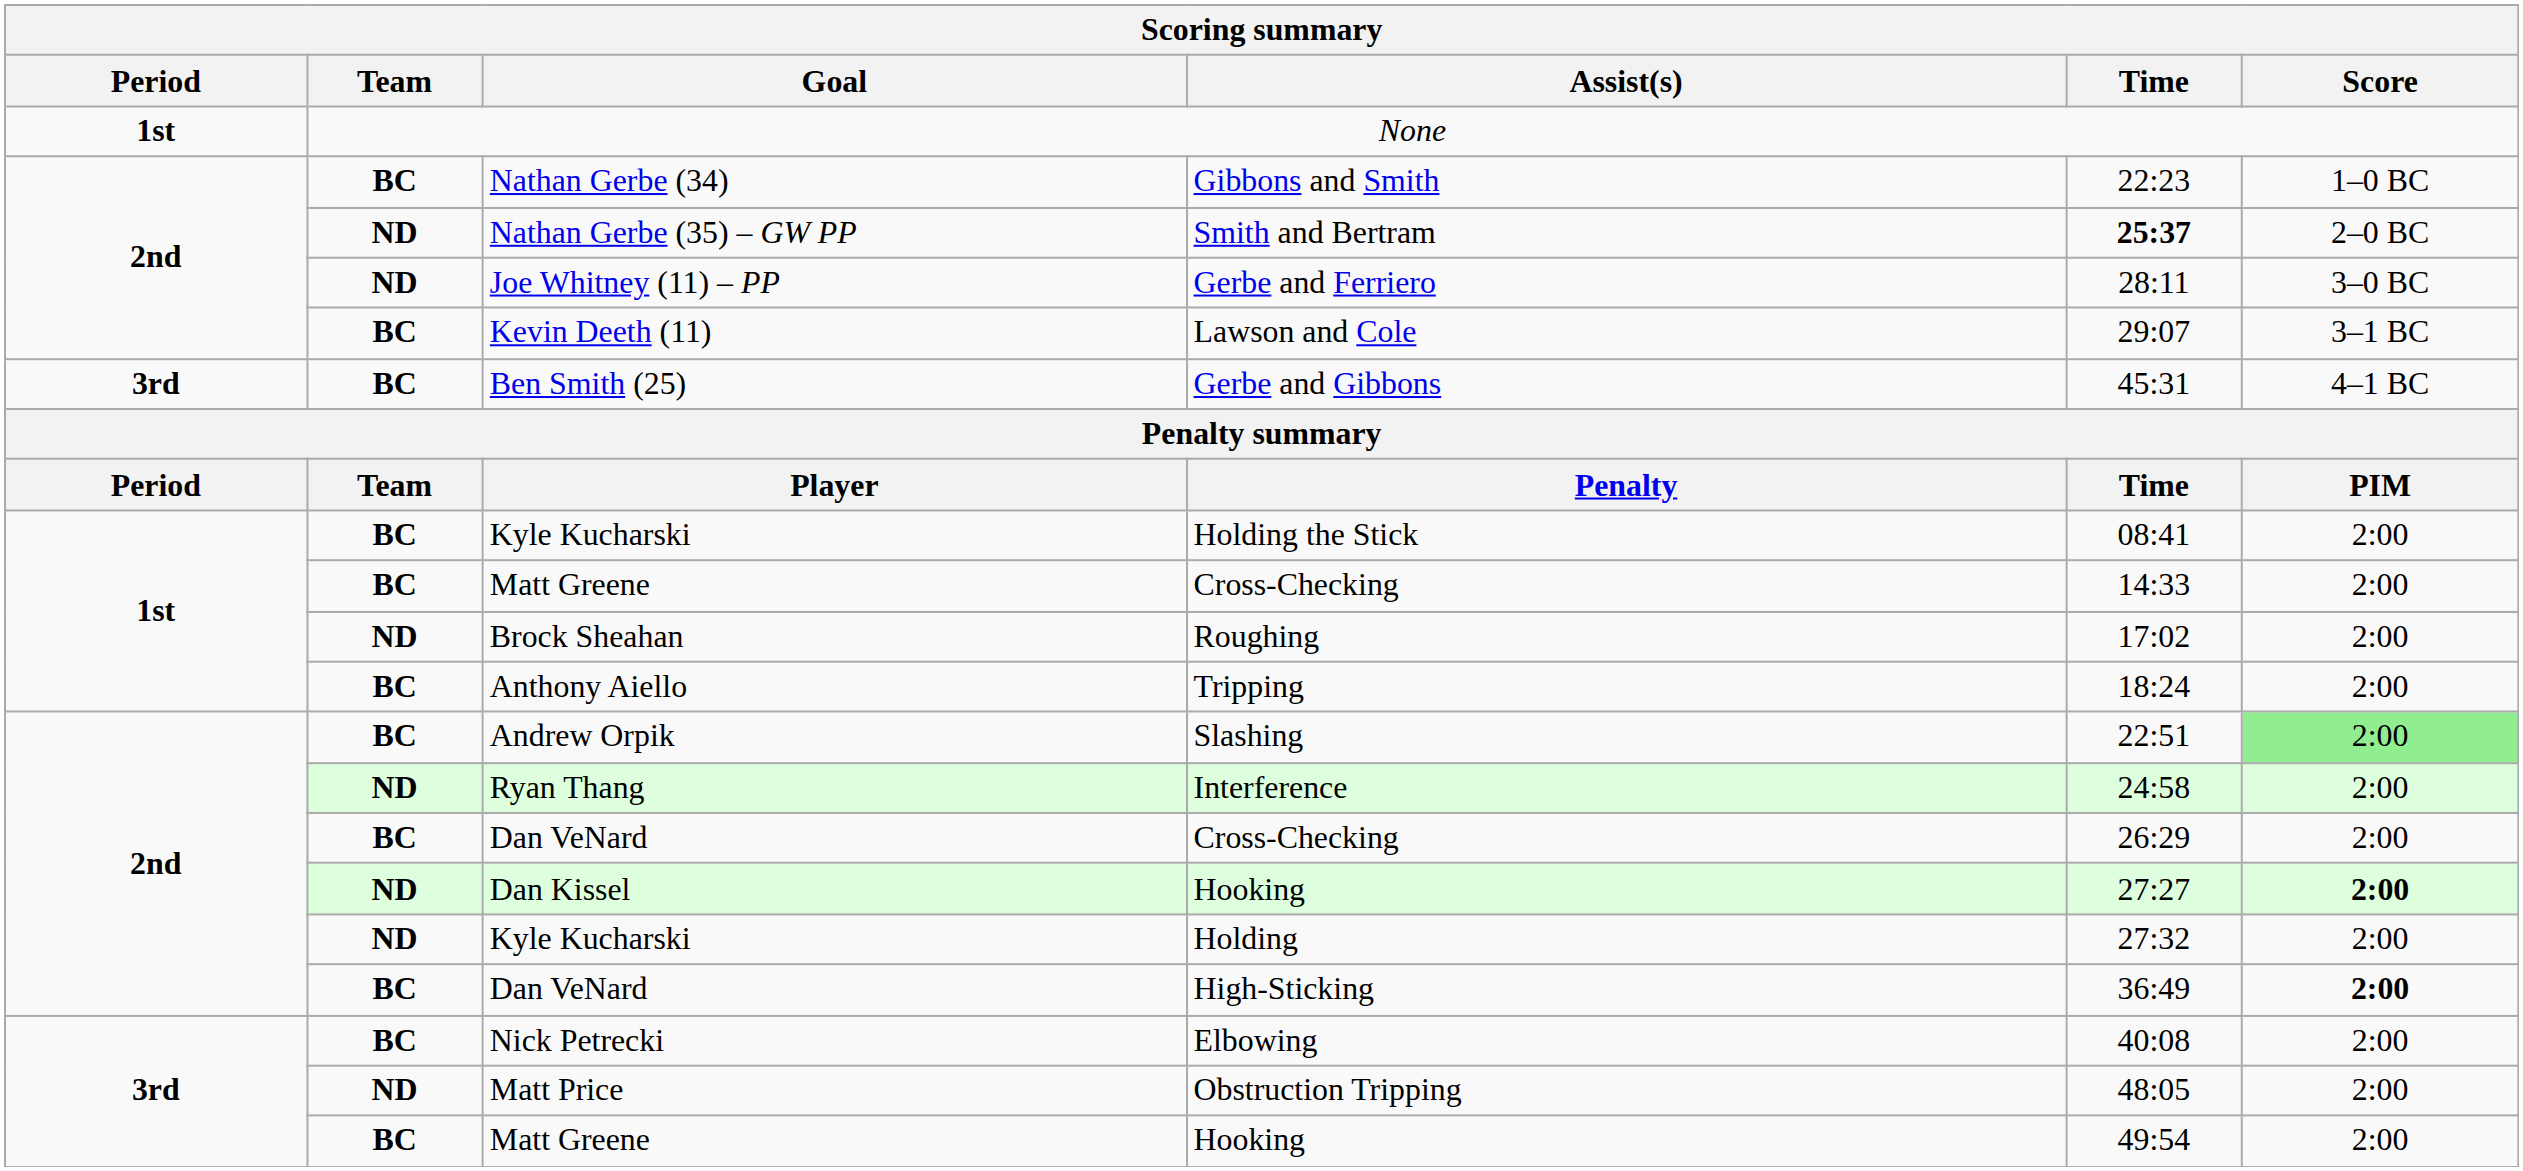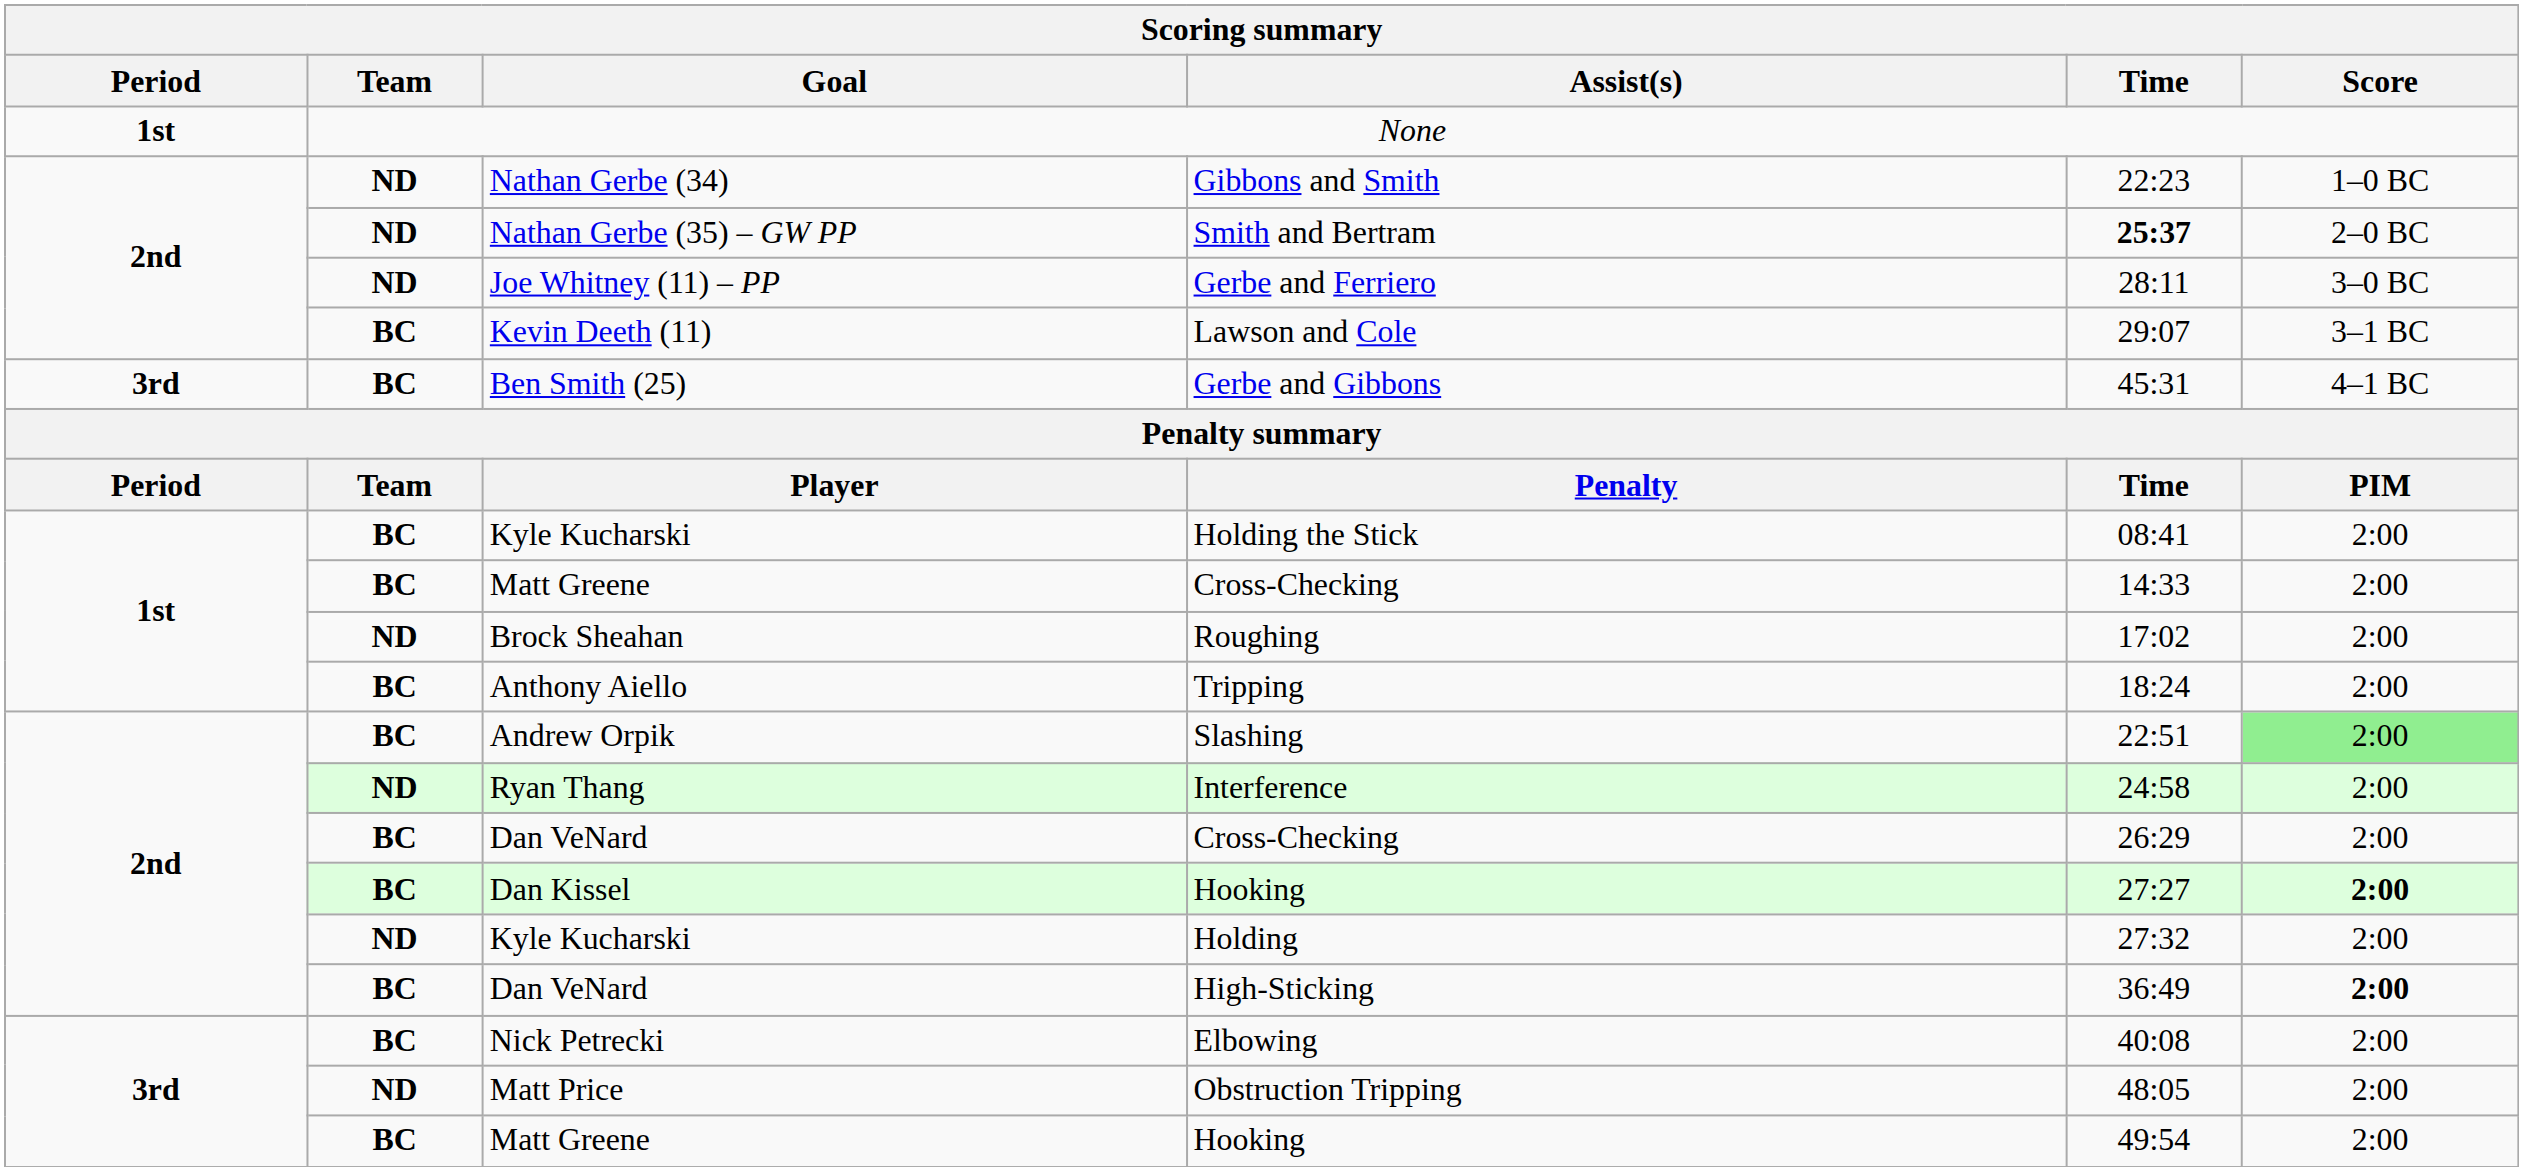 <table style="width:100%;" class="wikitable">
 <tr>
 <th colspan=6>Scoring summary</th>
 </tr>
 <tr>
 <th style="width:12%;">Period</th>
 <th style="width:7%;">Team</th>
 <th style="width:28%;">Goal</th>
 <th style="width:35%;">Assist(s)</th>
 <th style="width:7%;">Time</th>
 <th style="width:11%;">Score</th>
 </tr>
 <tr>
 <td style="text-align:center;" rowspan="1"><strong>1st</strong></td>
 <td style="text-align:center;" colspan="5"><em>None</em></td>
 </tr>
 <tr>
 <td style="text-align:center;" rowspan="4"><strong>2nd</strong></td>
-<td align=center><strong>BC</strong></td>
+<td align=center><strong>ND</strong></td>
 <td><a href='#'>Nathan Gerbe</a> (34)</td>
 <td><a href='#'>Gibbons</a> and <a href='#'>Smith</a></td>
 <td align=center>22:23</td>
 <td align=center>1–0 BC</td>
 </tr>
 <tr>
 <td align=center><strong>ND</strong></td>
 <td><a href='#'>Nathan Gerbe</a> (35) – <em>GW PP</em></td>
 <td><a href='#'>Smith</a> and Bertram</td>
 <td align=center><strong>25:37</strong></td>
 <td align=center>2–0 BC</td>
 </tr>
 <tr>
 <td align=center><strong>ND</strong></td>
 <td><a href='#'>Joe Whitney</a> (11) – <em>PP</em></td>
 <td><a href='#'>Gerbe</a> and <a href='#'>Ferriero</a></td>
 <td align=center>28:11</td>
 <td align=center>3–0 BC</td>
 </tr>
 <tr>
 <td align=center><strong>BC</strong></td>
 <td><a href='#'>Kevin Deeth</a> (11)</td>
 <td>Lawson and <a href='#'>Cole</a></td>
 <td align=center>29:07</td>
 <td align=center>3–1 BC</td>
 </tr>
 <tr>
 <td style="text-align:center;" rowspan="1"><strong>3rd</strong></td>
 <td align=center><strong>BC</strong></td>
 <td><a href='#'>Ben Smith</a> (25)</td>
 <td><a href='#'>Gerbe</a> and <a href='#'>Gibbons</a></td>
 <td align=center>45:31</td>
 <td align=center>4–1 BC</td>
 </tr>
 <tr>
 <th colspan=6>Penalty summary</th>
 </tr>
 <tr>
 <th style="width:12%;">Period</th>
 <th style="width:7%;">Team</th>
 <th style="width:28%;">Player</th>
 <th style="width:35%;"><a href='#'>Penalty</a></th>
 <th style="width:7%;">Time</th>
 <th style="width:11%;">PIM</th>
 </tr>
 <tr>
 <td style="text-align:center;" rowspan="4"><strong>1st</strong></td>
 <td align=center><strong>BC</strong></td>
 <td>Kyle Kucharski</td>
 <td>Holding the Stick</td>
 <td align=center>08:41</td>
 <td align=center>2:00</td>
 </tr>
 <tr>
 <td align=center><strong>BC</strong></td>
 <td>Matt Greene</td>
 <td>Cross-Checking</td>
 <td align=center>14:33</td>
 <td align=center>2:00</td>
 </tr>
 <tr>
 <td align=center><strong>ND</strong></td>
 <td>Brock Sheahan</td>
 <td>Roughing</td>
 <td align=center>17:02</td>
 <td align=center>2:00</td>
 </tr>
 <tr>
 <td align=center><strong>BC</strong></td>
 <td>Anthony Aiello</td>
 <td>Tripping</td>
 <td align=center>18:24</td>
 <td align=center>2:00</td>
 </tr>
 <tr>
 <td style="text-align:center;" rowspan="6"><strong>2nd</strong></td>
 <td align=center><strong>BC</strong></td>
 <td>Andrew Orpik</td>
 <td>Slashing</td>
 <td align=center>22:51</td>
 <td align=center style="background: lightgreen;">2:00</td>
 </tr>
 <tr bgcolor=ddffdd>
 <td align=center><strong>ND</strong></td>
 <td>Ryan Thang</td>
 <td>Interference</td>
 <td align=center>24:58</td>
 <td align=center>2:00</td>
 </tr>
 <tr>
 <td align=center><strong>BC</strong></td>
 <td>Dan VeNard</td>
 <td>Cross-Checking</td>
 <td align=center>26:29</td>
 <td align=center>2:00</td>
 </tr>
 <tr bgcolor=ddffdd>
-<td align=center><strong>ND</strong></td>
+<td align=center><strong>BC</strong></td>
 <td>Dan Kissel</td>
 <td>Hooking</td>
 <td align=center>27:27</td>
 <td align=center><strong>2:00</strong></td>
 </tr>
 <tr>
 <td align=center><strong>ND</strong></td>
 <td>Kyle Kucharski</td>
 <td>Holding</td>
 <td align=center>27:32</td>
 <td align=center>2:00</td>
 </tr>
 <tr>
 <td align=center><strong>BC</strong></td>
 <td>Dan VeNard</td>
 <td>High-Sticking</td>
 <td align=center>36:49</td>
 <td align=center><strong>2:00</strong></td>
 </tr>
 <tr>
 <td style="text-align:center;" rowspan="3"><strong>3rd</strong></td>
 <td align=center><strong>BC</strong></td>
 <td>Nick Petrecki</td>
 <td>Elbowing</td>
 <td align=center>40:08</td>
 <td align=center>2:00</td>
 </tr>
 <tr>
 <td align=center><strong>ND</strong></td>
 <td>Matt Price</td>
 <td>Obstruction Tripping</td>
 <td align=center>48:05</td>
 <td align=center>2:00</td>
 </tr>
 <tr>
 <td align=center><strong>BC</strong></td>
 <td>Matt Greene</td>
 <td>Hooking</td>
 <td align=center>49:54</td>
 <td align=center>2:00</td>
 </tr>
 <tr>
 </tr>
 </table>
